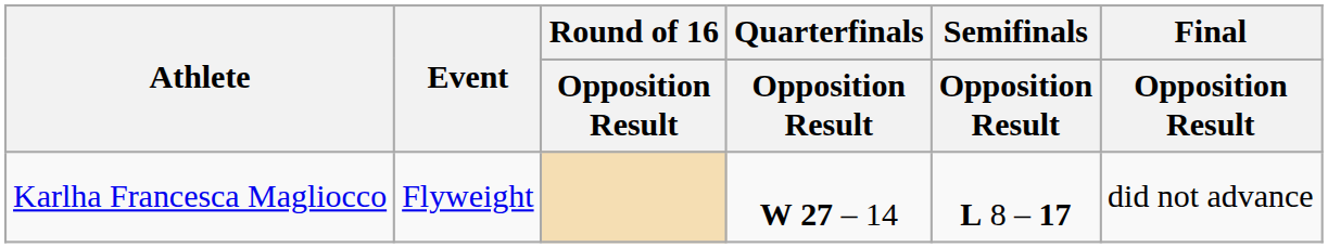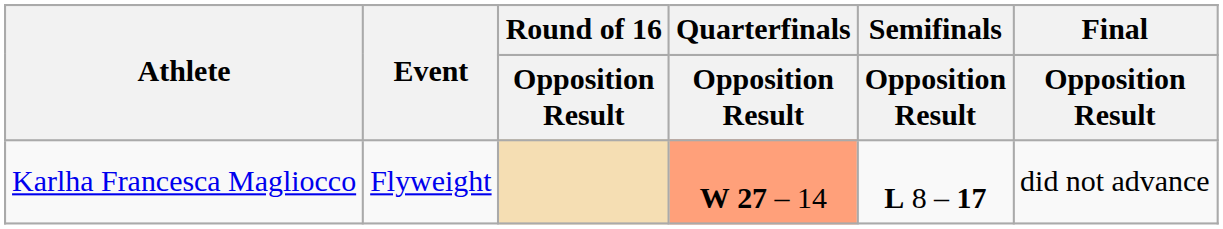 <table class="wikitable" style="font-size:90%;">
 <tr>
 <th rowspan=2>Athlete</th>
 <th rowspan=2>Event</th>
 <th>Round of 16</th>
 <th>Quarterfinals</th>
 <th>Semifinals</th>
 <th>Final</th>
 </tr>
 <tr>
 <th>Opposition<br>Result</th>
 <th>Opposition<br>Result</th>
 <th>Opposition<br>Result</th>
 <th>Opposition<br>Result</th>
 </tr>
 <tr>
 <td><a href='#'>Karlha Francesca Magliocco</a></td>
 <td><a href='#'>Flyweight</a></td>
 <td bgcolor=wheat></td>
-<td align=center><br><strong>W</strong> <strong>27</strong> – 14</td>
+<td align=center style="background: lightsalmon;"><br><strong>W</strong> <strong>27</strong> – 14</td>
 <td align=center><br><strong>L</strong> 8 – <strong>17</strong><br></td>
 <td style="text-align:center;" colspan="7">did not advance</td>
 </tr>
 </table>
